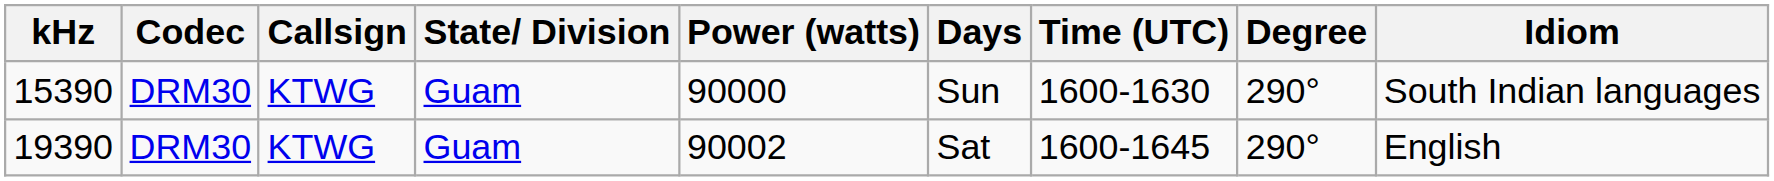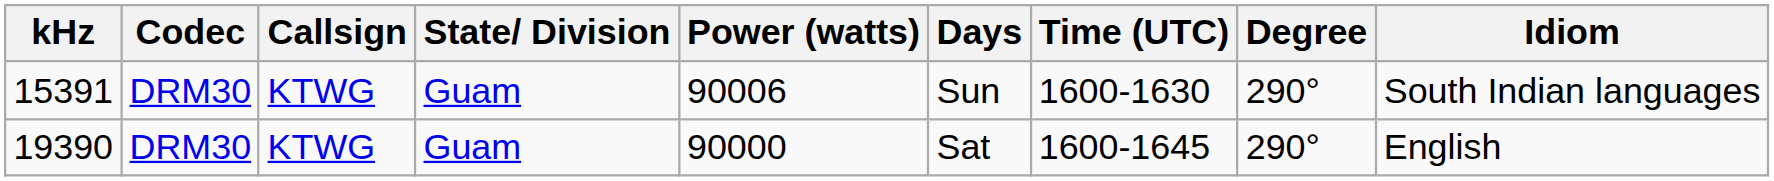 <table class="wikitable">
 <tr>
 <th>kHz</th>
 <th>Codec</th>
 <th>Callsign</th>
 <th>State/ Division</th>
 <th>Power (watts)</th>
 <th>Days</th>
 <th>Time (UTC)</th>
 <th>Degree</th>
 <th>Idiom</th>
 </tr>
 <tr>
-<td>15390</td>
+<td>15391</td>
 <td><a href='#'>DRM30</a></td>
 <td><a href='#'>KTWG</a></td>
 <td><a href='#'>Guam</a></td>
-<td>90000</td>
+<td>90006</td>
 <td>Sun</td>
 <td>1600-1630</td>
 <td>290°</td>
 <td>South Indian languages</td>
 </tr>
 <tr>
 <td>19390</td>
 <td><a href='#'>DRM30</a></td>
 <td><a href='#'>KTWG</a></td>
 <td><a href='#'>Guam</a></td>
-<td>90002</td>
+<td>90000</td>
 <td>Sat</td>
 <td>1600-1645</td>
 <td>290°</td>
 <td>English</td>
 </tr>
 </table>
